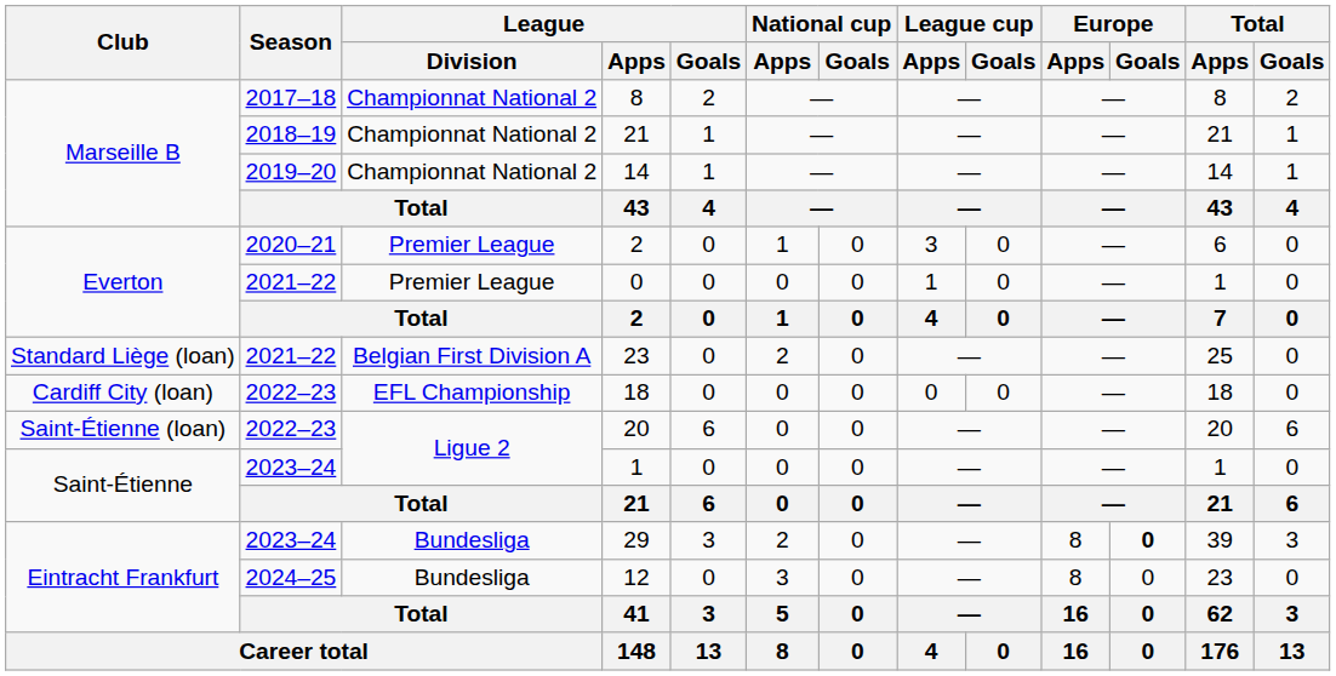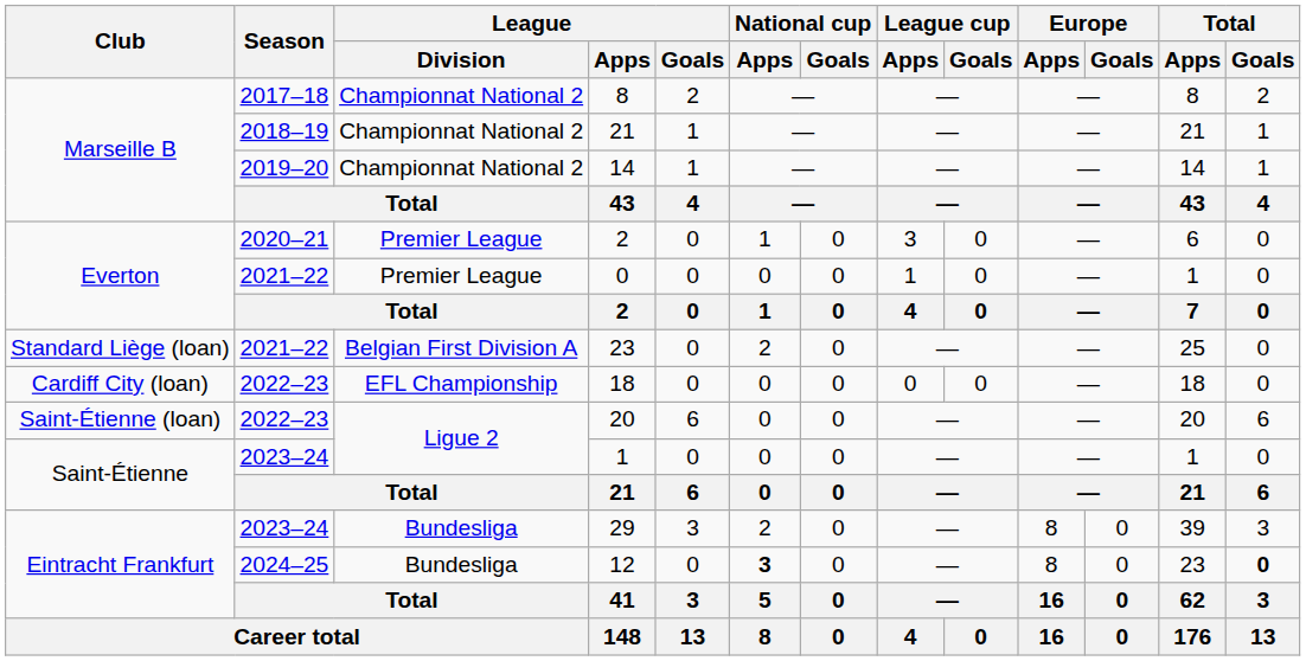 <table class=wikitable style=text-align:center>
 <tr>
 <th rowspan=2>Club</th>
 <th rowspan=2>Season</th>
 <th colspan=3>League</th>
 <th colspan=2>National cup</th>
 <th colspan=2>League cup</th>
 <th colspan=2>Europe</th>
 <th colspan=2>Total</th>
 </tr>
 <tr>
 <th>Division</th>
 <th>Apps</th>
 <th>Goals</th>
 <th>Apps</th>
 <th>Goals</th>
 <th>Apps</th>
 <th>Goals</th>
 <th>Apps</th>
 <th>Goals</th>
 <th>Apps</th>
 <th>Goals</th>
 </tr>
 <tr>
 <td rowspan=4><a href='#'>Marseille B</a></td>
 <td><a href='#'>2017–18</a></td>
 <td><a href='#'>Championnat National 2</a></td>
 <td>8</td>
 <td>2</td>
 <td colspan=2>—</td>
 <td colspan=2>—</td>
 <td colspan=2>—</td>
 <td>8</td>
 <td>2</td>
 </tr>
 <tr>
 <td><a href='#'>2018–19</a></td>
 <td>Championnat National 2</td>
 <td>21</td>
 <td>1</td>
 <td colspan=2>—</td>
 <td colspan=2>—</td>
 <td colspan=2>—</td>
 <td>21</td>
 <td>1</td>
 </tr>
 <tr>
 <td><a href='#'>2019–20</a></td>
 <td>Championnat National 2</td>
 <td>14</td>
 <td>1</td>
 <td colspan=2>—</td>
 <td colspan=2>—</td>
 <td colspan=2>—</td>
 <td>14</td>
 <td>1</td>
 </tr>
 <tr>
 <th colspan=2>Total</th>
 <th>43</th>
 <th>4</th>
 <th colspan="2">—</th>
 <th colspan="2">—</th>
 <th colspan="2">—</th>
 <th>43</th>
 <th>4</th>
 </tr>
 <tr>
 <td rowspan="3"><a href='#'>Everton</a></td>
 <td><a href='#'>2020–21</a></td>
 <td><a href='#'>Premier League</a></td>
 <td>2</td>
 <td>0</td>
 <td>1</td>
 <td>0</td>
 <td>3</td>
 <td>0</td>
 <td colspan="2">—</td>
 <td>6</td>
 <td>0</td>
 </tr>
 <tr>
 <td><a href='#'>2021–22</a></td>
 <td>Premier League</td>
 <td>0</td>
 <td>0</td>
 <td>0</td>
 <td>0</td>
 <td>1</td>
 <td>0</td>
 <td colspan="2">—</td>
 <td>1</td>
 <td>0</td>
 </tr>
 <tr>
 <th colspan="2">Total</th>
 <th>2</th>
 <th>0</th>
 <th>1</th>
 <th>0</th>
 <th>4</th>
 <th>0</th>
 <th colspan="2">—</th>
 <th>7</th>
 <th>0</th>
 </tr>
 <tr>
 <td><a href='#'>Standard Liège</a> (loan)</td>
 <td><a href='#'>2021–22</a></td>
 <td><a href='#'>Belgian First Division A</a></td>
 <td>23</td>
 <td>0</td>
 <td>2</td>
 <td>0</td>
 <td colspan="2">—</td>
 <td colspan="2">—</td>
 <td>25</td>
 <td>0</td>
 </tr>
 <tr>
 <td><a href='#'>Cardiff City</a> (loan)</td>
 <td><a href='#'>2022–23</a></td>
 <td><a href='#'>EFL Championship</a></td>
 <td>18</td>
 <td>0</td>
 <td>0</td>
 <td>0</td>
 <td>0</td>
 <td>0</td>
 <td colspan="2">—</td>
 <td>18</td>
 <td>0</td>
 </tr>
 <tr>
 <td><a href='#'>Saint-Étienne</a> (loan)</td>
 <td><a href='#'>2022–23</a></td>
 <td rowspan="2"><a href='#'>Ligue 2</a></td>
 <td>20</td>
 <td>6</td>
 <td>0</td>
 <td>0</td>
 <td colspan="2">—</td>
 <td colspan="2">—</td>
 <td>20</td>
 <td>6</td>
 </tr>
 <tr>
 <td rowspan="2">Saint-Étienne</td>
 <td><a href='#'>2023–24</a></td>
 <td>1</td>
 <td>0</td>
 <td>0</td>
 <td>0</td>
 <td colspan="2">—</td>
 <td colspan="2">—</td>
 <td>1</td>
 <td>0</td>
 </tr>
 <tr>
 <th colspan="2">Total</th>
 <th>21</th>
 <th>6</th>
 <th>0</th>
 <th>0</th>
 <th colspan="2">—</th>
 <th colspan="2">—</th>
 <th>21</th>
 <th>6</th>
 </tr>
 <tr>
 <td rowspan="3"><a href='#'>Eintracht Frankfurt</a></td>
 <td><a href='#'>2023–24</a></td>
 <td><a href='#'>Bundesliga</a></td>
 <td>29</td>
 <td>3</td>
 <td>2</td>
 <td>0</td>
 <td colspan="2">—</td>
 <td>8</td>
-<td><strong>0</strong></td>
+<td>0</td>
 <td>39</td>
 <td>3</td>
 </tr>
 <tr>
 <td><a href='#'>2024–25</a></td>
 <td>Bundesliga</td>
 <td>12</td>
 <td>0</td>
-<td>3</td>
+<td><strong>3</strong></td>
 <td>0</td>
 <td colspan="2">—</td>
 <td>8</td>
 <td>0</td>
 <td>23</td>
-<td>0</td>
+<td><strong>0</strong></td>
 </tr>
 <tr>
 <th colspan="2">Total</th>
 <th>41</th>
 <th>3</th>
 <th>5</th>
 <th>0</th>
 <th colspan="2">—</th>
 <th>16</th>
 <th>0</th>
 <th>62</th>
 <th>3</th>
 </tr>
 <tr>
 <th colspan="3">Career total</th>
 <th>148</th>
 <th>13</th>
 <th>8</th>
 <th>0</th>
 <th>4</th>
 <th>0</th>
 <th>16</th>
 <th>0</th>
 <th>176</th>
 <th>13</th>
 </tr>
 </table>
